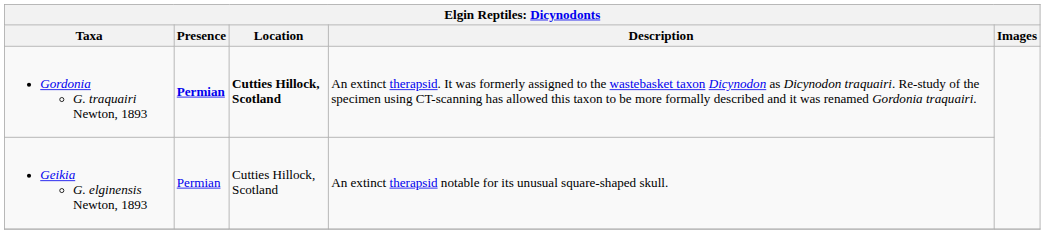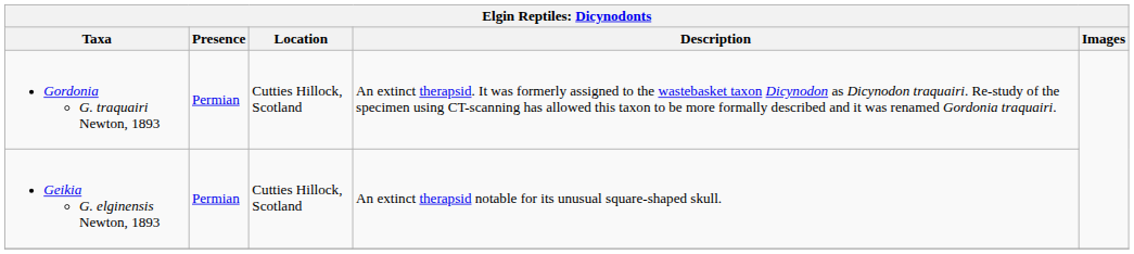 <table class="wikitable" align="center" width="100%">
 <tr>
 <th colspan="5" align="center">Elgin Reptiles: <strong><a href='#'>Dicynodonts</a></strong></th>
 </tr>
 <tr>
 <th>Taxa</th>
 <th>Presence</th>
 <th>Location</th>
 <th>Description</th>
 <th>Images</th>
 </tr>
 <tr>
 <td><br><ul><li><em><a href='#'>Gordonia</a></em><ul><li><em>G. traquairi</em> Newton, 1893</li></ul></li></ul></td>
-<td><strong><a href='#'>Permian</a></strong></td>
-<td><strong>Cutties Hillock, Scotland</strong></td>
+<td><a href='#'>Permian</a></td>
+<td>Cutties Hillock, Scotland</td>
 <td>An extinct <a href='#'>therapsid</a>. It was formerly assigned to the <a href='#'>wastebasket taxon</a> <em><a href='#'>Dicynodon</a></em> as <em>Dicynodon traquairi</em>. Re-study of the specimen using CT-scanning has allowed this taxon to be more formally described and it was renamed <em>Gordonia traquairi</em>.</td>
 <td rowspan="2"></td>
 </tr>
 <tr>
 <td><br><ul><li><em><a href='#'>Geikia</a></em><ul><li><em>G. elginensis</em> Newton, 1893</li></ul></li></ul></td>
 <td><a href='#'>Permian</a></td>
 <td>Cutties Hillock, Scotland</td>
 <td>An extinct <a href='#'>therapsid</a> notable for its unusual square-shaped skull.</td>
 </tr>
 <tr>
 </tr>
 </table>
